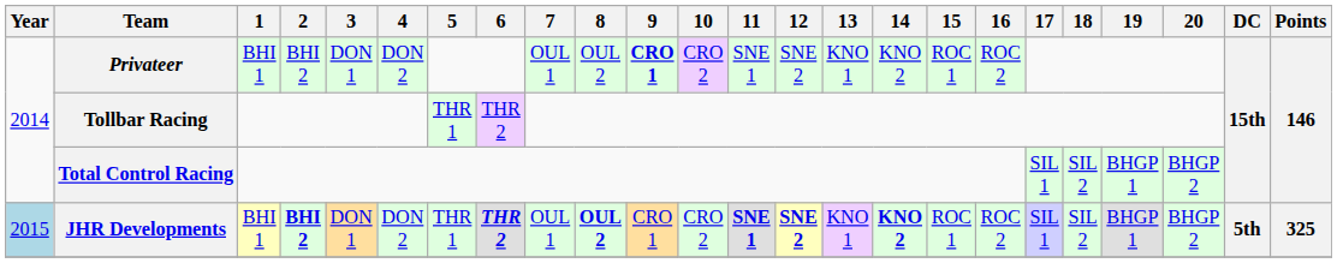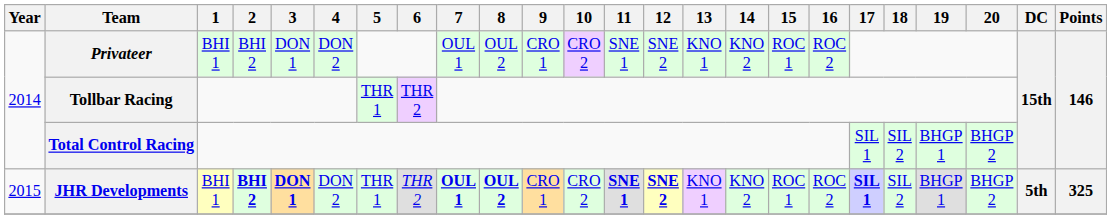 <table class="wikitable" style="text-align:center; font-size:85%">
 <tr>
 <th>Year</th>
 <th>Team</th>
 <th>1</th>
 <th>2</th>
 <th>3</th>
 <th>4</th>
 <th>5</th>
 <th>6</th>
 <th>7</th>
 <th>8</th>
 <th>9</th>
 <th>10</th>
 <th>11</th>
 <th>12</th>
 <th>13</th>
 <th>14</th>
 <th>15</th>
 <th>16</th>
 <th>17</th>
 <th>18</th>
 <th>19</th>
 <th>20</th>
 <th>DC</th>
 <th>Points</th>
 </tr>
 <tr>
 <td rowspan=3><a href='#'>2014</a></td>
 <th><em>Privateer</em></th>
 <td style="background:#dfffdf;"><a href='#'>BHI<br>1</a><br></td>
 <td style="background:#dfffdf;"><a href='#'>BHI<br>2</a><br></td>
 <td style="background:#dfffdf;"><a href='#'>DON<br>1</a><br></td>
 <td style="background:#dfffdf;"><a href='#'>DON<br>2</a><br></td>
 <td colspan=2></td>
 <td style="background:#dfffdf;"><a href='#'>OUL<br>1</a><br></td>
 <td style="background:#dfffdf;"><a href='#'>OUL<br>2</a><br></td>
-<td style="background:#dfffdf;"><strong><a href='#'>CRO<br>1</a><br></strong></td>
+<td style="background:#dfffdf;"><a href='#'>CRO<br>1</a><br></td>
 <td style="background:#EFCFFF;"><a href='#'>CRO<br>2</a><br></td>
 <td style="background:#dfffdf;"><a href='#'>SNE<br>1</a><br></td>
 <td style="background:#dfffdf;"><a href='#'>SNE<br>2</a><br></td>
 <td style="background:#dfffdf;"><a href='#'>KNO<br>1</a><br></td>
 <td style="background:#dfffdf;"><a href='#'>KNO<br>2</a><br></td>
 <td style="background:#dfffdf;"><a href='#'>ROC<br>1</a><br></td>
 <td style="background:#dfffdf;"><a href='#'>ROC<br>2</a><br></td>
 <td colspan=4></td>
 <th rowspan=3>15th</th>
 <th rowspan=3>146</th>
 </tr>
 <tr>
 <th nowrap>Tollbar Racing</th>
 <td colspan=4></td>
 <td style="background:#dfffdf;"><a href='#'>THR<br>1</a><br></td>
 <td style="background:#EFCFFF;"><a href='#'>THR<br>2</a><br></td>
 <td colspan=14></td>
 </tr>
 <tr>
 <th nowrap><a href='#'>Total Control Racing</a></th>
 <td colspan=16></td>
 <td style="background:#dfffdf;"><a href='#'>SIL<br>1</a><br></td>
 <td style="background:#dfffdf;"><a href='#'>SIL<br>2</a><br></td>
 <td style="background:#dfffdf;"><a href='#'>BHGP<br>1</a><br></td>
 <td style="background:#dfffdf;"><a href='#'>BHGP<br>2</a><br></td>
 </tr>
 <tr>
-<td style="background: lightblue;"><a href='#'>2015</a></td>
+<td><a href='#'>2015</a></td>
 <th nowrap><a href='#'>JHR Developments</a></th>
 <td style="background:#ffffbf;"><a href='#'>BHI<br>1</a><br></td>
 <td style="background:#dfffdf;"><strong><a href='#'>BHI<br>2</a></strong><br></td>
-<td style="background:#ffdf9f;"><a href='#'>DON<br>1</a><br></td>
+<td style="background:#ffdf9f;"><strong><a href='#'>DON<br>1</a><br></strong></td>
 <td style="background:#dfffdf;"><a href='#'>DON<br>2</a><br></td>
 <td style="background:#dfffdf;"><a href='#'>THR<br>1</a><br></td>
-<td style="background:#dfdfdf;"><strong><em><a href='#'>THR<br>2</a></em><br></strong></td>
-<td style="background:#dfffdf;"><a href='#'>OUL<br>1</a><br></td>
+<td style="background:#dfdfdf;"><em><a href='#'>THR<br>2</a></em><br></td>
+<td style="background:#dfffdf;"><strong><a href='#'>OUL<br>1</a><br></strong></td>
 <td style="background:#dfffdf;"><strong><a href='#'>OUL<br>2</a><br></strong></td>
 <td style="background:#ffdf9f;"><a href='#'>CRO<br>1</a><br></td>
 <td style="background:#dfffdf;"><a href='#'>CRO<br>2</a><br></td>
 <td style="background:#dfdfdf;"><strong><a href='#'>SNE<br>1</a></strong><br></td>
 <td style="background:#ffffbf;"><strong><a href='#'>SNE<br>2</a></strong><br></td>
 <td style="background:#efcfff;"><a href='#'>KNO<br>1</a><br></td>
-<td style="background:#dfffdf;"><strong><a href='#'>KNO<br>2</a><br></strong></td>
+<td style="background:#dfffdf;"><a href='#'>KNO<br>2</a><br></td>
 <td style="background:#dfffdf;"><a href='#'>ROC<br>1</a><br></td>
 <td style="background:#dfffdf;"><a href='#'>ROC<br>2</a><br></td>
-<td style="background:#cfcfff;"><a href='#'>SIL<br>1</a><br></td>
+<td style="background:#cfcfff;"><strong><a href='#'>SIL<br>1</a><br></strong></td>
 <td style="background:#dfffdf;"><a href='#'>SIL<br>2</a><br></td>
 <td style="background:#dfdfdf;"><a href='#'>BHGP<br>1</a><br></td>
 <td style="background:#dfffdf;"><a href='#'>BHGP<br>2</a><br></td>
 <th>5th</th>
 <th>325</th>
 </tr>
 <tr>
 </tr>
 </table>
